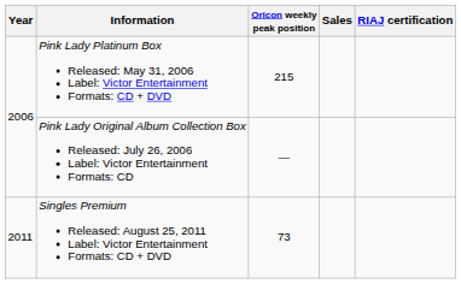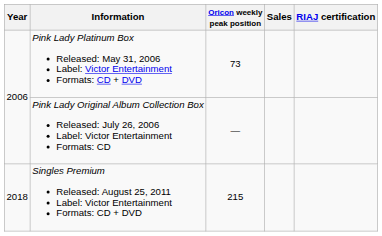 <table class="wikitable">
 <tr>
 <th>Year</th>
 <th>Information</th>
 <th><small><a href='#'>Oricon</a> weekly<br>peak position</small></th>
 <th>Sales<br></th>
 <th><a href='#'>RIAJ</a> certification</th>
 </tr>
 <tr>
 <td rowspan="2">2006</td>
 <td><em>Pink Lady Platinum Box</em><br><ul><li>Released: May 31, 2006</li><li>Label: <a href='#'>Victor Entertainment</a></li><li>Formats: <a href='#'>CD</a> + <a href='#'>DVD</a></li></ul></td>
-<td style="text-align:center;">215</td>
+<td style="text-align:center;">73</td>
 <td align="left"></td>
 <td align="left"></td>
 </tr>
 <tr>
 <td><em>Pink Lady Original Album Collection Box</em><br><ul><li>Released: July 26, 2006</li><li>Label: Victor Entertainment</li><li>Formats: CD</li></ul></td>
 <td style="text-align:center;">—</td>
 <td align="left"></td>
 <td align="left"></td>
 </tr>
 <tr>
-<td>2011</td>
+<td>2018</td>
 <td><em>Singles Premium</em><br><ul><li>Released: August 25, 2011</li><li>Label: Victor Entertainment</li><li>Formats: CD + DVD</li></ul></td>
-<td style="text-align:center;">73</td>
+<td style="text-align:center;">215</td>
 <td align="left"></td>
 <td align="left"></td>
 </tr>
 </table>
